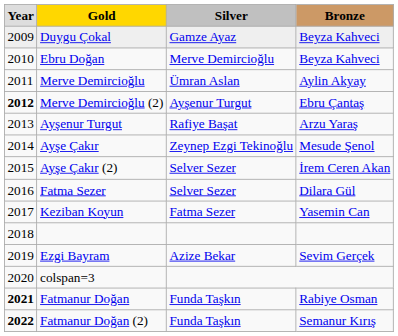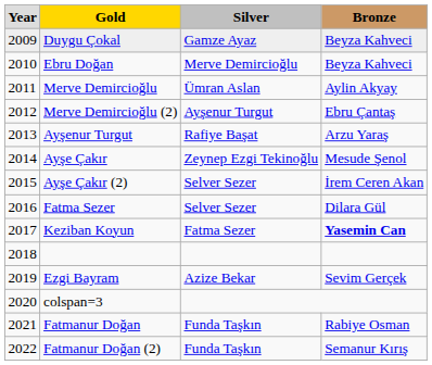 <table class="wikitable sortable" style="font-size:95%">
 <tr style="text-align:center; background:#e4e4e4; font-weight:bold;">
 <td style="background:#ddd; ">Year</td>
 <td style="background:gold; ">Gold</td>
 <td style="background:silver; ">Silver</td>
 <td style="background:#c96; ">Bronze</td>
 </tr>
 <tr style="background:#efefef;">
 <td>2009</td>
 <td><a href='#'>Duygu Çokal</a></td>
 <td><a href='#'>Gamze Ayaz</a></td>
 <td><a href='#'>Beyza Kahveci</a></td>
 </tr>
 <tr>
 <td>2010</td>
 <td><a href='#'>Ebru Doğan</a></td>
 <td><a href='#'>Merve Demircioğlu</a></td>
 <td><a href='#'>Beyza Kahveci</a></td>
 </tr>
 <tr>
 <td>2011</td>
 <td><a href='#'>Merve Demircioğlu</a></td>
 <td><a href='#'>Ümran Aslan</a></td>
 <td><a href='#'>Aylin Akyay</a></td>
 </tr>
 <tr>
-<td><strong>2012</strong></td>
+<td>2012</td>
 <td><a href='#'>Merve Demircioğlu</a> (2)</td>
 <td><a href='#'>Ayşenur Turgut</a></td>
 <td><a href='#'>Ebru Çantaş</a></td>
 </tr>
 <tr>
 <td>2013</td>
 <td><a href='#'>Ayşenur Turgut</a></td>
 <td><a href='#'>Rafiye Başat</a></td>
 <td><a href='#'>Arzu Yaraş</a></td>
 </tr>
 <tr>
 <td>2014</td>
 <td><a href='#'>Ayşe Çakır</a></td>
 <td><a href='#'>Zeynep Ezgi Tekinoğlu</a></td>
 <td><a href='#'>Mesude Şenol</a></td>
 </tr>
 <tr>
 <td>2015</td>
 <td><a href='#'>Ayşe Çakır</a> (2)</td>
 <td><a href='#'>Selver Sezer</a></td>
 <td><a href='#'>İrem Ceren Akan</a></td>
 </tr>
 <tr>
 <td>2016</td>
 <td><a href='#'>Fatma Sezer</a></td>
 <td><a href='#'>Selver Sezer</a></td>
 <td><a href='#'>Dilara Gül</a></td>
 </tr>
 <tr>
 <td>2017</td>
 <td><a href='#'>Keziban Koyun</a></td>
 <td><a href='#'>Fatma Sezer</a></td>
-<td><a href='#'>Yasemin Can</a></td>
+<td><strong><a href='#'>Yasemin Can</a></strong></td>
 </tr>
 <tr>
 <td>2018</td>
 <td></td>
 <td></td>
 <td></td>
 </tr>
 <tr>
 <td>2019</td>
 <td><a href='#'>Ezgi Bayram</a></td>
 <td><a href='#'>Azize Bekar</a></td>
 <td><a href='#'>Sevim Gerçek</a></td>
 </tr>
 <tr>
 <td>2020</td>
 <td>colspan=3 </td>
 </tr>
 <tr>
-<td><strong>2021</strong></td>
+<td>2021</td>
 <td><a href='#'>Fatmanur Doğan</a></td>
 <td><a href='#'>Funda Taşkın</a></td>
 <td><a href='#'>Rabiye Osman</a></td>
 </tr>
 <tr>
-<td><strong>2022</strong></td>
+<td>2022</td>
 <td><a href='#'>Fatmanur Doğan</a> (2)</td>
 <td><a href='#'>Funda Taşkın</a></td>
 <td><a href='#'>Semanur Kırış</a></td>
 </tr>
 </table>
